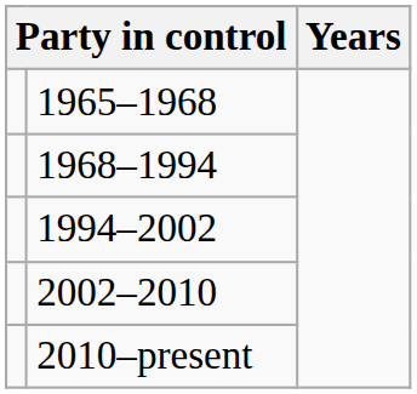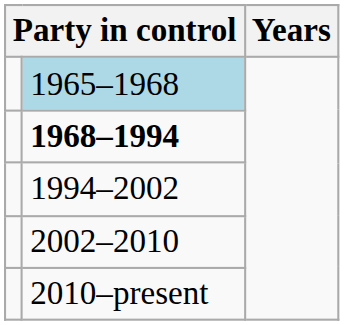 <table class="wikitable">
 <tr>
 <th colspan="2">Party in control</th>
 <th>Years</th>
 </tr>
 <tr>
 <td></td>
-<td>1965–1968</td>
+<td style="background: lightblue;">1965–1968</td>
 </tr>
 <tr>
 <td></td>
-<td>1968–1994</td>
+<td><strong>1968–1994</strong></td>
 </tr>
 <tr>
 <td></td>
 <td>1994–2002</td>
 </tr>
 <tr>
 <td></td>
 <td>2002–2010</td>
 </tr>
 <tr>
 <td></td>
 <td>2010–present</td>
 </tr>
 </table>
